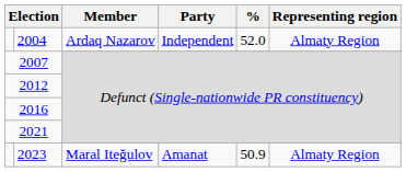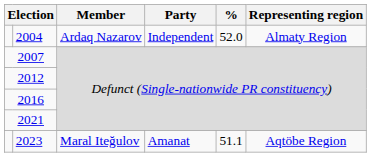 <table class="wikitable">
 <tr>
 <th colspan="2">Election</th>
 <th>Member</th>
 <th>Party</th>
 <th>%</th>
 <th>Representing region</th>
 </tr>
 <tr>
 <td style="background-color: "></td>
 <td><a href='#'>2004</a></td>
 <td><a href='#'>Ardaq Nazarov</a></td>
 <td><a href='#'>Independent</a></td>
 <td align="right">52.0</td>
 <td align="center"><a href='#'>Almaty Region</a></td>
 </tr>
 <tr>
 <td colspan="2" align="center"><a href='#'>2007</a></td>
 <td colspan="4" rowspan="4" align="center" style="background-color:#DCDCDC"><em>Defunct (<a href='#'>Single-nationwide PR constituency</a>)</em></td>
 </tr>
 <tr>
 <td colspan="2" align="center"><a href='#'>2012</a></td>
 </tr>
 <tr>
 <td colspan="2" align="center"><a href='#'>2016</a></td>
 </tr>
 <tr>
 <td colspan="2" align="center"><a href='#'>2021</a></td>
 </tr>
 <tr>
 <td style="background-color: "></td>
 <td><a href='#'>2023</a></td>
 <td><a href='#'>Maral Iteğulov</a></td>
 <td><a href='#'>Amanat</a></td>
-<td align="right">50.9</td>
-<td align="center"><a href='#'>Almaty Region</a></td>
+<td align="right">51.1</td>
+<td align="center"><a href='#'>Aqtöbe Region</a></td>
 </tr>
 </table>
